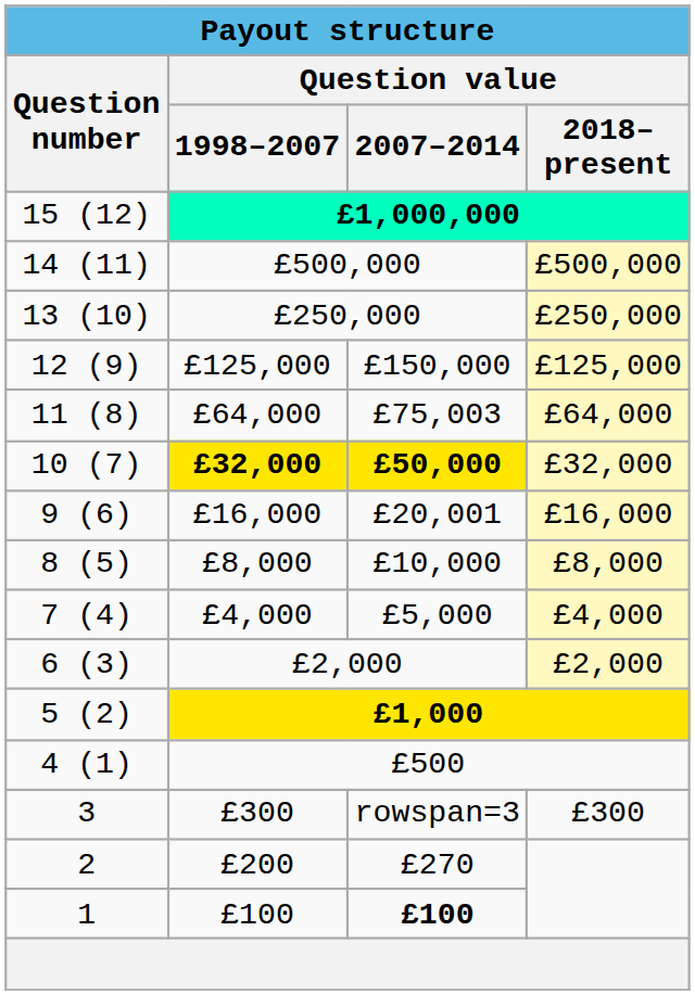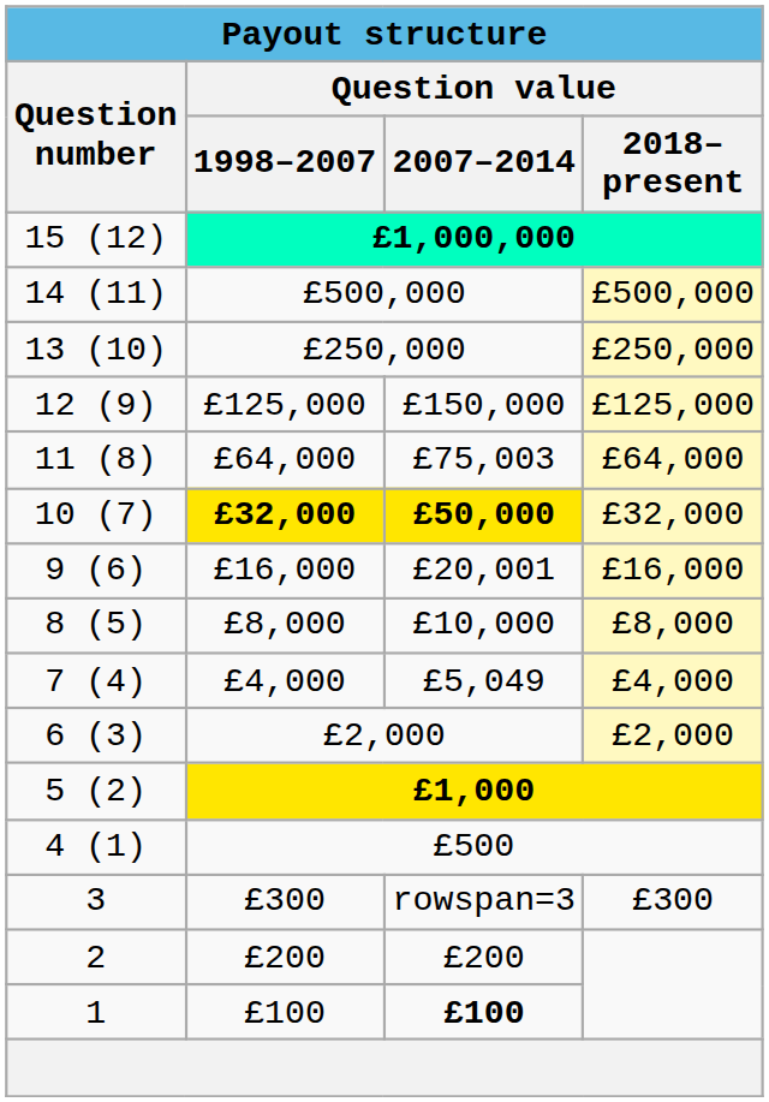 <table class="wikitable" style="text-align:center; float:right">
 <tr>
 <th colspan=4 style="background: #58B9E4">Payout structure</th>
 </tr>
 <tr>
 <th rowspan=2>Question<br>number</th>
 <th colspan=3>Question value</th>
 </tr>
 <tr>
 <th>1998–2007</th>
 <th>2007–2014</th>
 <th>2018–<br>present</th>
 </tr>
 <tr>
 <td>15 (12)</td>
 <td colspan="3" style="background: #00FFBF"><strong>£1,000,000</strong></td>
 </tr>
 <tr>
 <td>14 (11)</td>
 <td colspan="2">£500,000</td>
 <td style="background: #FFF9C1">£500,000</td>
 </tr>
 <tr>
 <td>13 (10)</td>
 <td colspan="2">£250,000</td>
 <td style="background: #FFF9C1">£250,000</td>
 </tr>
 <tr>
 <td>12 (9)</td>
 <td>£125,000</td>
 <td>£150,000</td>
 <td style="background: #FFF9C1">£125,000</td>
 </tr>
 <tr>
 <td>11 (8)</td>
 <td>£64,000</td>
 <td>£75,003</td>
 <td style="background: #FFF9C1">£64,000</td>
 </tr>
 <tr>
 <td>10 (7)</td>
 <td style="background: #FFE600"><strong>£32,000</strong></td>
 <td style="background: #FFE600"><strong>£50,000</strong></td>
 <td style="background: #FFF9C1">£32,000</td>
 </tr>
 <tr>
 <td>9 (6)</td>
 <td>£16,000</td>
 <td>£20,001</td>
 <td style="background: #FFF9C1">£16,000</td>
 </tr>
 <tr>
 <td>8 (5)</td>
 <td>£8,000</td>
 <td>£10,000</td>
 <td style="background: #FFF9C1">£8,000</td>
 </tr>
 <tr>
 <td>7 (4)</td>
 <td>£4,000</td>
-<td>£5,000</td>
+<td>£5,049</td>
 <td style="background: #FFF9C1">£4,000</td>
 </tr>
 <tr>
 <td>6 (3)</td>
 <td colspan="2">£2,000</td>
 <td style="background: #FFF9C1">£2,000</td>
 </tr>
 <tr>
 <td>5 (2)</td>
 <td colspan="3" style="background: #FFE600"><strong>£1,000</strong></td>
 </tr>
 <tr>
 <td>4 (1)</td>
 <td colspan="3">£500</td>
 </tr>
 <tr>
 <td>3</td>
 <td>£300</td>
 <td>rowspan=3 </td>
 <td>£300</td>
 </tr>
 <tr>
 <td>2</td>
 <td>£200</td>
-<td>£270</td>
+<td>£200</td>
 </tr>
 <tr>
 <td>1</td>
 <td>£100</td>
 <td><strong>£100</strong></td>
 </tr>
 <tr>
 <th colspan=4 style="text-align:left"><br></th>
 </tr>
 </table>
